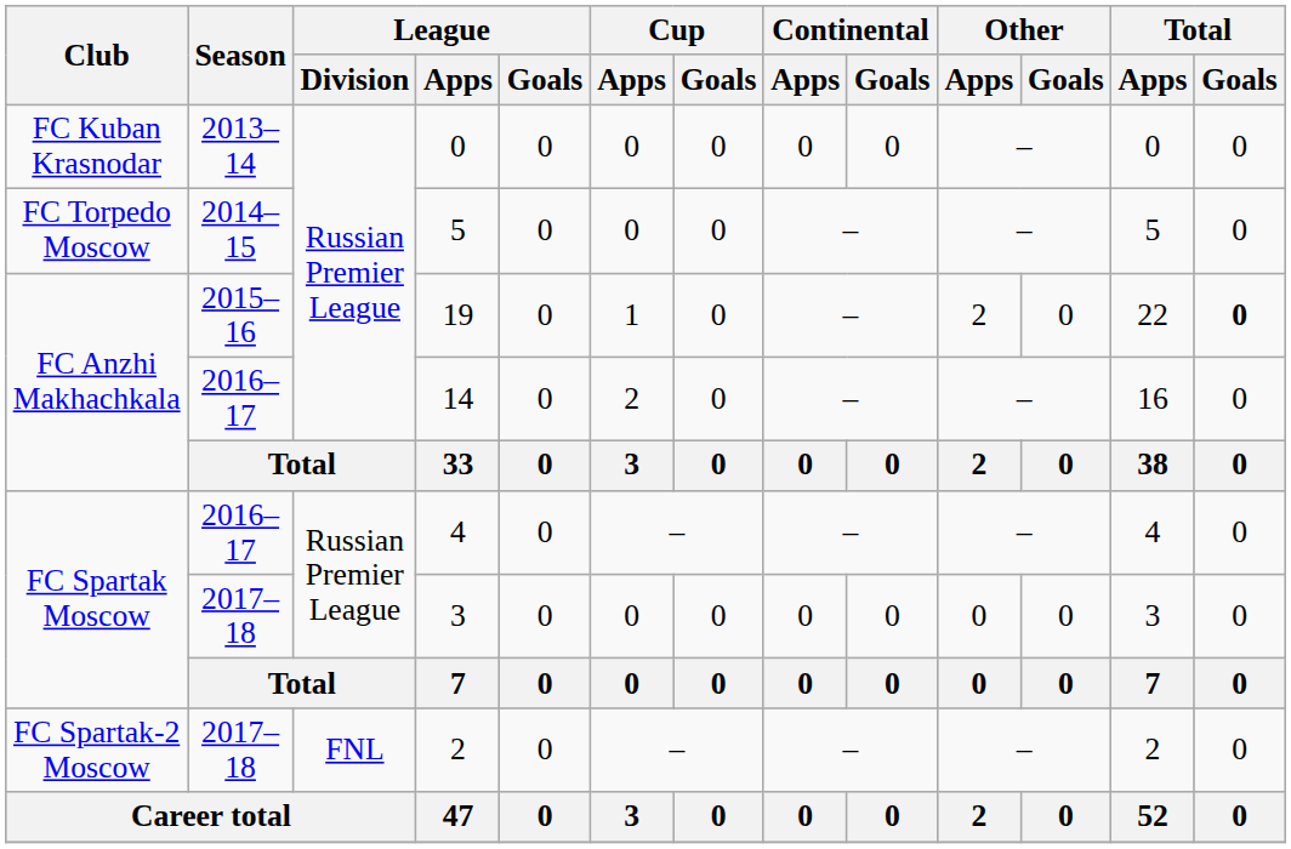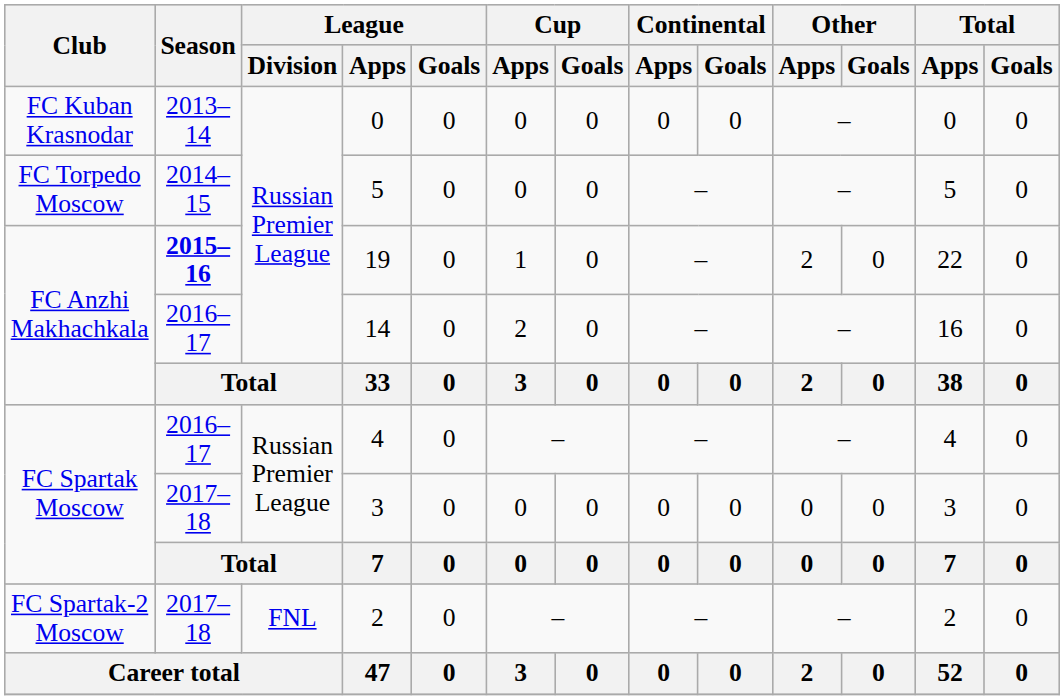 <table class="wikitable" style="text-align: center;">
 <tr>
 <th rowspan=2>Club</th>
 <th rowspan=2>Season</th>
 <th colspan=3>League</th>
 <th colspan=2>Cup</th>
 <th colspan=2>Continental</th>
 <th colspan=2>Other</th>
 <th colspan=2>Total</th>
 </tr>
 <tr>
 <th>Division</th>
 <th>Apps</th>
 <th>Goals</th>
 <th>Apps</th>
 <th>Goals</th>
 <th>Apps</th>
 <th>Goals</th>
 <th>Apps</th>
 <th>Goals</th>
 <th>Apps</th>
 <th>Goals</th>
 </tr>
 <tr>
 <td><a href='#'>FC Kuban Krasnodar</a></td>
 <td><a href='#'>2013–14</a></td>
 <td rowspan=4><a href='#'>Russian Premier League</a></td>
 <td>0</td>
 <td>0</td>
 <td>0</td>
 <td>0</td>
 <td>0</td>
 <td>0</td>
 <td colspan=2>–</td>
 <td>0</td>
 <td>0</td>
 </tr>
 <tr>
 <td><a href='#'>FC Torpedo Moscow</a></td>
 <td><a href='#'>2014–15</a></td>
 <td>5</td>
 <td>0</td>
 <td>0</td>
 <td>0</td>
 <td colspan=2>–</td>
 <td colspan=2>–</td>
 <td>5</td>
 <td>0</td>
 </tr>
 <tr>
 <td rowspan=3><a href='#'>FC Anzhi Makhachkala</a></td>
-<td><a href='#'>2015–16</a></td>
+<td><strong><a href='#'>2015–16</a></strong></td>
 <td>19</td>
 <td>0</td>
 <td>1</td>
 <td>0</td>
 <td colspan=2>–</td>
 <td>2</td>
 <td>0</td>
 <td>22</td>
-<td><strong>0</strong></td>
+<td>0</td>
 </tr>
 <tr>
 <td><a href='#'>2016–17</a></td>
 <td>14</td>
 <td>0</td>
 <td>2</td>
 <td>0</td>
 <td colspan=2>–</td>
 <td colspan=2>–</td>
 <td>16</td>
 <td>0</td>
 </tr>
 <tr>
 <th colspan=2>Total</th>
 <th>33</th>
 <th>0</th>
 <th>3</th>
 <th>0</th>
 <th>0</th>
 <th>0</th>
 <th>2</th>
 <th>0</th>
 <th>38</th>
 <th>0</th>
 </tr>
 <tr>
 <td rowspan=3><a href='#'>FC Spartak Moscow</a></td>
 <td><a href='#'>2016–17</a></td>
 <td rowspan=2>Russian Premier League</td>
 <td>4</td>
 <td>0</td>
 <td colspan=2>–</td>
 <td colspan=2>–</td>
 <td colspan=2>–</td>
 <td>4</td>
 <td>0</td>
 </tr>
 <tr>
 <td><a href='#'>2017–18</a></td>
 <td>3</td>
 <td>0</td>
 <td>0</td>
 <td>0</td>
 <td>0</td>
 <td>0</td>
 <td>0</td>
 <td>0</td>
 <td>3</td>
 <td>0</td>
 </tr>
 <tr>
 <th colspan=2>Total</th>
 <th>7</th>
 <th>0</th>
 <th>0</th>
 <th>0</th>
 <th>0</th>
 <th>0</th>
 <th>0</th>
 <th>0</th>
 <th>7</th>
 <th>0</th>
 </tr>
 <tr>
 <td><a href='#'>FC Spartak-2 Moscow</a></td>
 <td><a href='#'>2017–18</a></td>
 <td><a href='#'>FNL</a></td>
 <td>2</td>
 <td>0</td>
 <td colspan=2>–</td>
 <td colspan=2>–</td>
 <td colspan=2>–</td>
 <td>2</td>
 <td>0</td>
 </tr>
 <tr>
 <th colspan=3>Career total</th>
 <th>47</th>
 <th>0</th>
 <th>3</th>
 <th>0</th>
 <th>0</th>
 <th>0</th>
 <th>2</th>
 <th>0</th>
 <th>52</th>
 <th>0</th>
 </tr>
 <tr>
 </tr>
 </table>
